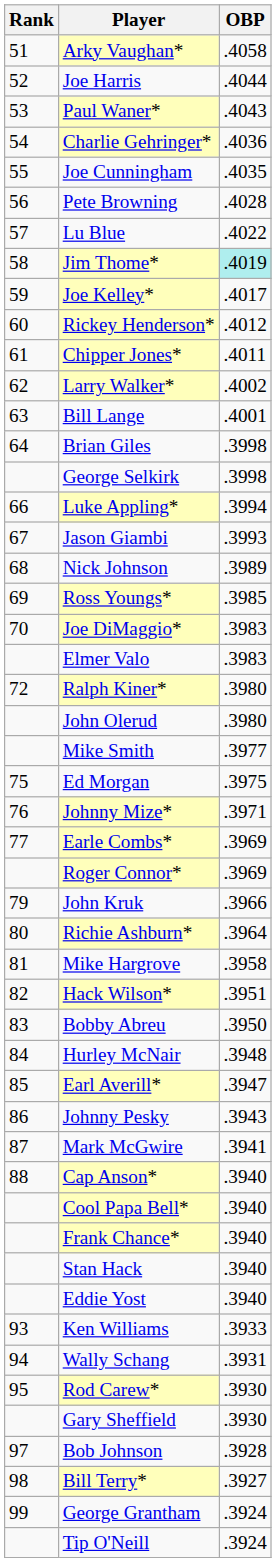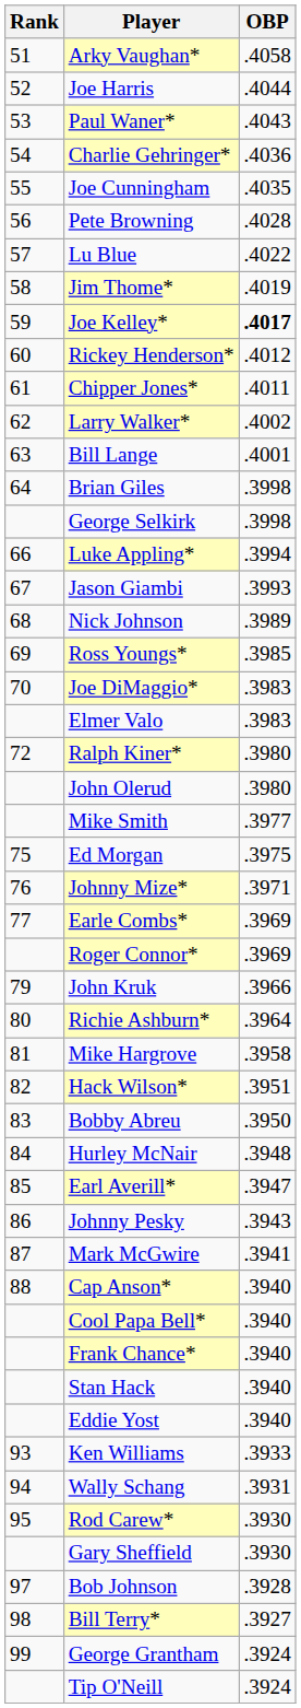 <table class="wikitable" style="float:left;">
 <tr style="white-space:nowrap;">
 <th>Rank</th>
 <th>Player</th>
 <th>OBP</th>
 </tr>
 <tr>
 <td>51</td>
 <td style="background:#ffffbb;"><a href='#'>Arky Vaughan</a>*</td>
 <td>.4058</td>
 </tr>
 <tr>
 <td>52</td>
 <td><a href='#'>Joe Harris</a></td>
 <td>.4044</td>
 </tr>
 <tr>
 <td>53</td>
 <td style="background:#ffffbb;"><a href='#'>Paul Waner</a>*</td>
 <td>.4043</td>
 </tr>
 <tr>
 <td>54</td>
 <td style="background:#ffffbb;"><a href='#'>Charlie Gehringer</a>*</td>
 <td>.4036</td>
 </tr>
 <tr>
 <td>55</td>
 <td><a href='#'>Joe Cunningham</a></td>
 <td>.4035</td>
 </tr>
 <tr>
 <td>56</td>
 <td><a href='#'>Pete Browning</a></td>
 <td>.4028</td>
 </tr>
 <tr>
 <td>57</td>
 <td><a href='#'>Lu Blue</a></td>
 <td>.4022</td>
 </tr>
 <tr>
 <td>58</td>
 <td style="background:#ffffbb;"><a href='#'>Jim Thome</a>*</td>
-<td style="background: paleturquoise;">.4019</td>
+<td>.4019</td>
 </tr>
 <tr>
 <td>59</td>
 <td style="background:#ffffbb;"><a href='#'>Joe Kelley</a>*</td>
-<td>.4017</td>
+<td><strong>.4017</strong></td>
 </tr>
 <tr>
 <td>60</td>
 <td style="background:#ffffbb;"><a href='#'>Rickey Henderson</a>*</td>
 <td>.4012</td>
 </tr>
 <tr>
 <td>61</td>
 <td style="background:#ffffbb;"><a href='#'>Chipper Jones</a>*</td>
 <td>.4011</td>
 </tr>
 <tr>
 <td>62</td>
 <td style="background:#ffffbb;"><a href='#'>Larry Walker</a>*</td>
 <td>.4002</td>
 </tr>
 <tr>
 <td>63</td>
 <td><a href='#'>Bill Lange</a></td>
 <td>.4001</td>
 </tr>
 <tr>
 <td>64</td>
 <td><a href='#'>Brian Giles</a></td>
 <td>.3998</td>
 </tr>
 <tr>
 <td></td>
 <td><a href='#'>George Selkirk</a></td>
 <td>.3998</td>
 </tr>
 <tr>
 <td>66</td>
 <td style="background:#ffffbb;"><a href='#'>Luke Appling</a>*</td>
 <td>.3994</td>
 </tr>
 <tr>
 <td>67</td>
 <td><a href='#'>Jason Giambi</a></td>
 <td>.3993</td>
 </tr>
 <tr>
 <td>68</td>
 <td><a href='#'>Nick Johnson</a></td>
 <td>.3989</td>
 </tr>
 <tr>
 <td>69</td>
 <td style="background:#ffffbb;"><a href='#'>Ross Youngs</a>*</td>
 <td>.3985</td>
 </tr>
 <tr>
 <td>70</td>
 <td style="background:#ffffbb;"><a href='#'>Joe DiMaggio</a>*</td>
 <td>.3983</td>
 </tr>
 <tr>
 <td></td>
 <td><a href='#'>Elmer Valo</a></td>
 <td>.3983</td>
 </tr>
 <tr>
 <td>72</td>
 <td style="background:#ffffbb;"><a href='#'>Ralph Kiner</a>*</td>
 <td>.3980</td>
 </tr>
 <tr>
 <td></td>
 <td><a href='#'>John Olerud</a></td>
 <td>.3980</td>
 </tr>
 <tr>
 <td></td>
 <td><a href='#'>Mike Smith</a></td>
 <td>.3977</td>
 </tr>
 <tr>
 <td>75</td>
 <td><a href='#'>Ed Morgan</a></td>
 <td>.3975</td>
 </tr>
 <tr>
 <td>76</td>
 <td style="background:#ffffbb;"><a href='#'>Johnny Mize</a>*</td>
 <td>.3971</td>
 </tr>
 <tr>
 <td>77</td>
 <td style="background:#ffffbb;"><a href='#'>Earle Combs</a>*</td>
 <td>.3969</td>
 </tr>
 <tr>
 <td></td>
 <td style="background:#ffffbb;"><a href='#'>Roger Connor</a>*</td>
 <td>.3969</td>
 </tr>
 <tr>
 <td>79</td>
 <td><a href='#'>John Kruk</a></td>
 <td>.3966</td>
 </tr>
 <tr>
 <td>80</td>
 <td style="background:#ffffbb;"><a href='#'>Richie Ashburn</a>*</td>
 <td>.3964</td>
 </tr>
 <tr>
 <td>81</td>
 <td><a href='#'>Mike Hargrove</a></td>
 <td>.3958</td>
 </tr>
 <tr>
 <td>82</td>
 <td style="background:#ffffbb;"><a href='#'>Hack Wilson</a>*</td>
 <td>.3951</td>
 </tr>
 <tr>
 <td>83</td>
 <td><a href='#'>Bobby Abreu</a></td>
 <td>.3950</td>
 </tr>
 <tr>
 <td>84</td>
 <td><a href='#'>Hurley McNair</a></td>
 <td>.3948</td>
 </tr>
 <tr>
 <td>85</td>
 <td style="background:#ffffbb;"><a href='#'>Earl Averill</a>*</td>
 <td>.3947</td>
 </tr>
 <tr>
 <td>86</td>
 <td><a href='#'>Johnny Pesky</a></td>
 <td>.3943</td>
 </tr>
 <tr>
 <td>87</td>
 <td><a href='#'>Mark McGwire</a></td>
 <td>.3941</td>
 </tr>
 <tr>
 <td>88</td>
 <td style="background:#ffffbb;"><a href='#'>Cap Anson</a>*</td>
 <td>.3940</td>
 </tr>
 <tr>
 <td></td>
 <td style="background:#ffffbb;"><a href='#'>Cool Papa Bell</a>*</td>
 <td>.3940</td>
 </tr>
 <tr>
 <td></td>
 <td style="background:#ffffbb;"><a href='#'>Frank Chance</a>*</td>
 <td>.3940</td>
 </tr>
 <tr>
 <td></td>
 <td><a href='#'>Stan Hack</a></td>
 <td>.3940</td>
 </tr>
 <tr>
 <td></td>
 <td><a href='#'>Eddie Yost</a></td>
 <td>.3940</td>
 </tr>
 <tr>
 <td>93</td>
 <td><a href='#'>Ken Williams</a></td>
 <td>.3933</td>
 </tr>
 <tr>
 <td>94</td>
 <td><a href='#'>Wally Schang</a></td>
 <td>.3931</td>
 </tr>
 <tr>
 <td>95</td>
 <td style="background:#ffffbb;"><a href='#'>Rod Carew</a>*</td>
 <td>.3930</td>
 </tr>
 <tr>
 <td></td>
 <td><a href='#'>Gary Sheffield</a></td>
 <td>.3930</td>
 </tr>
 <tr>
 <td>97</td>
 <td><a href='#'>Bob Johnson</a></td>
 <td>.3928</td>
 </tr>
 <tr>
 <td>98</td>
 <td style="background:#ffffbb;"><a href='#'>Bill Terry</a>*</td>
 <td>.3927</td>
 </tr>
 <tr>
 <td>99</td>
 <td><a href='#'>George Grantham</a></td>
 <td>.3924</td>
 </tr>
 <tr>
 <td></td>
 <td><a href='#'>Tip O'Neill</a></td>
 <td>.3924</td>
 </tr>
 </table>
